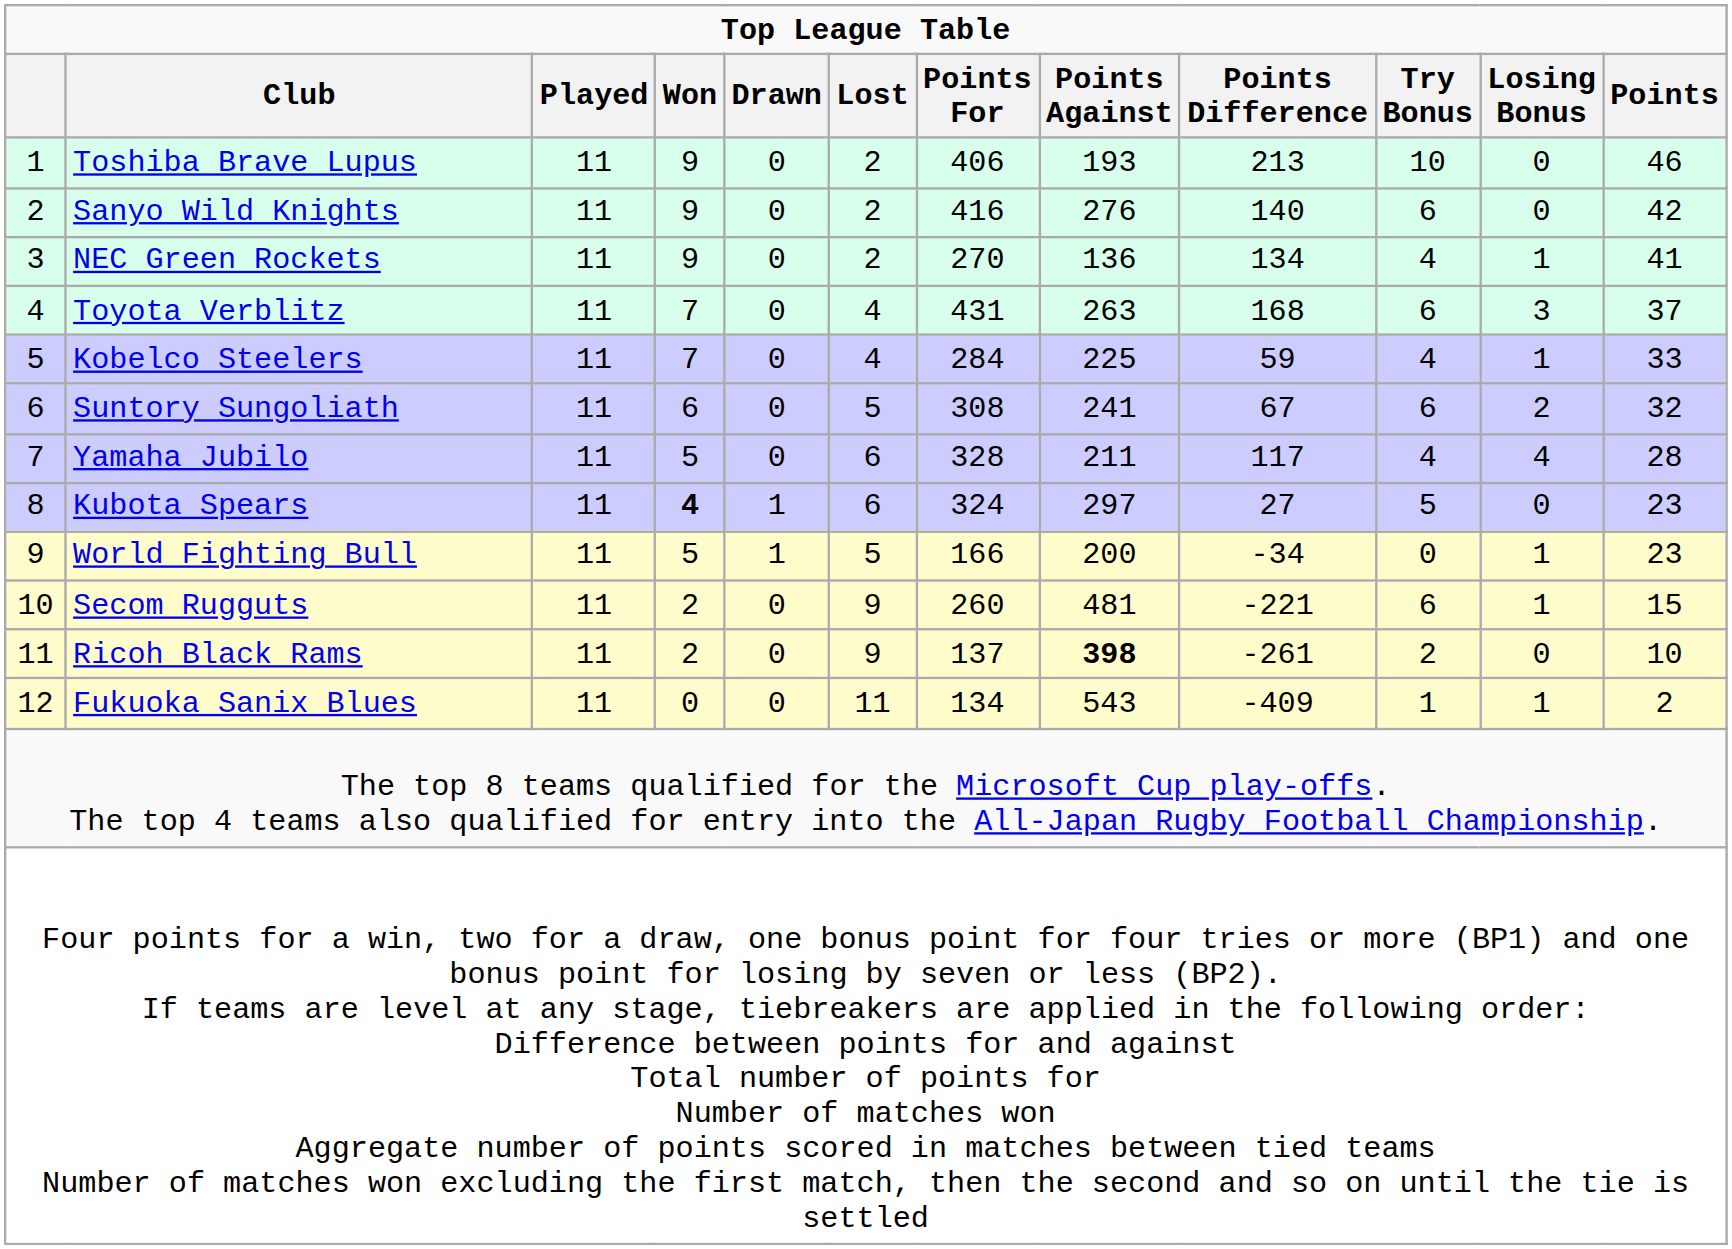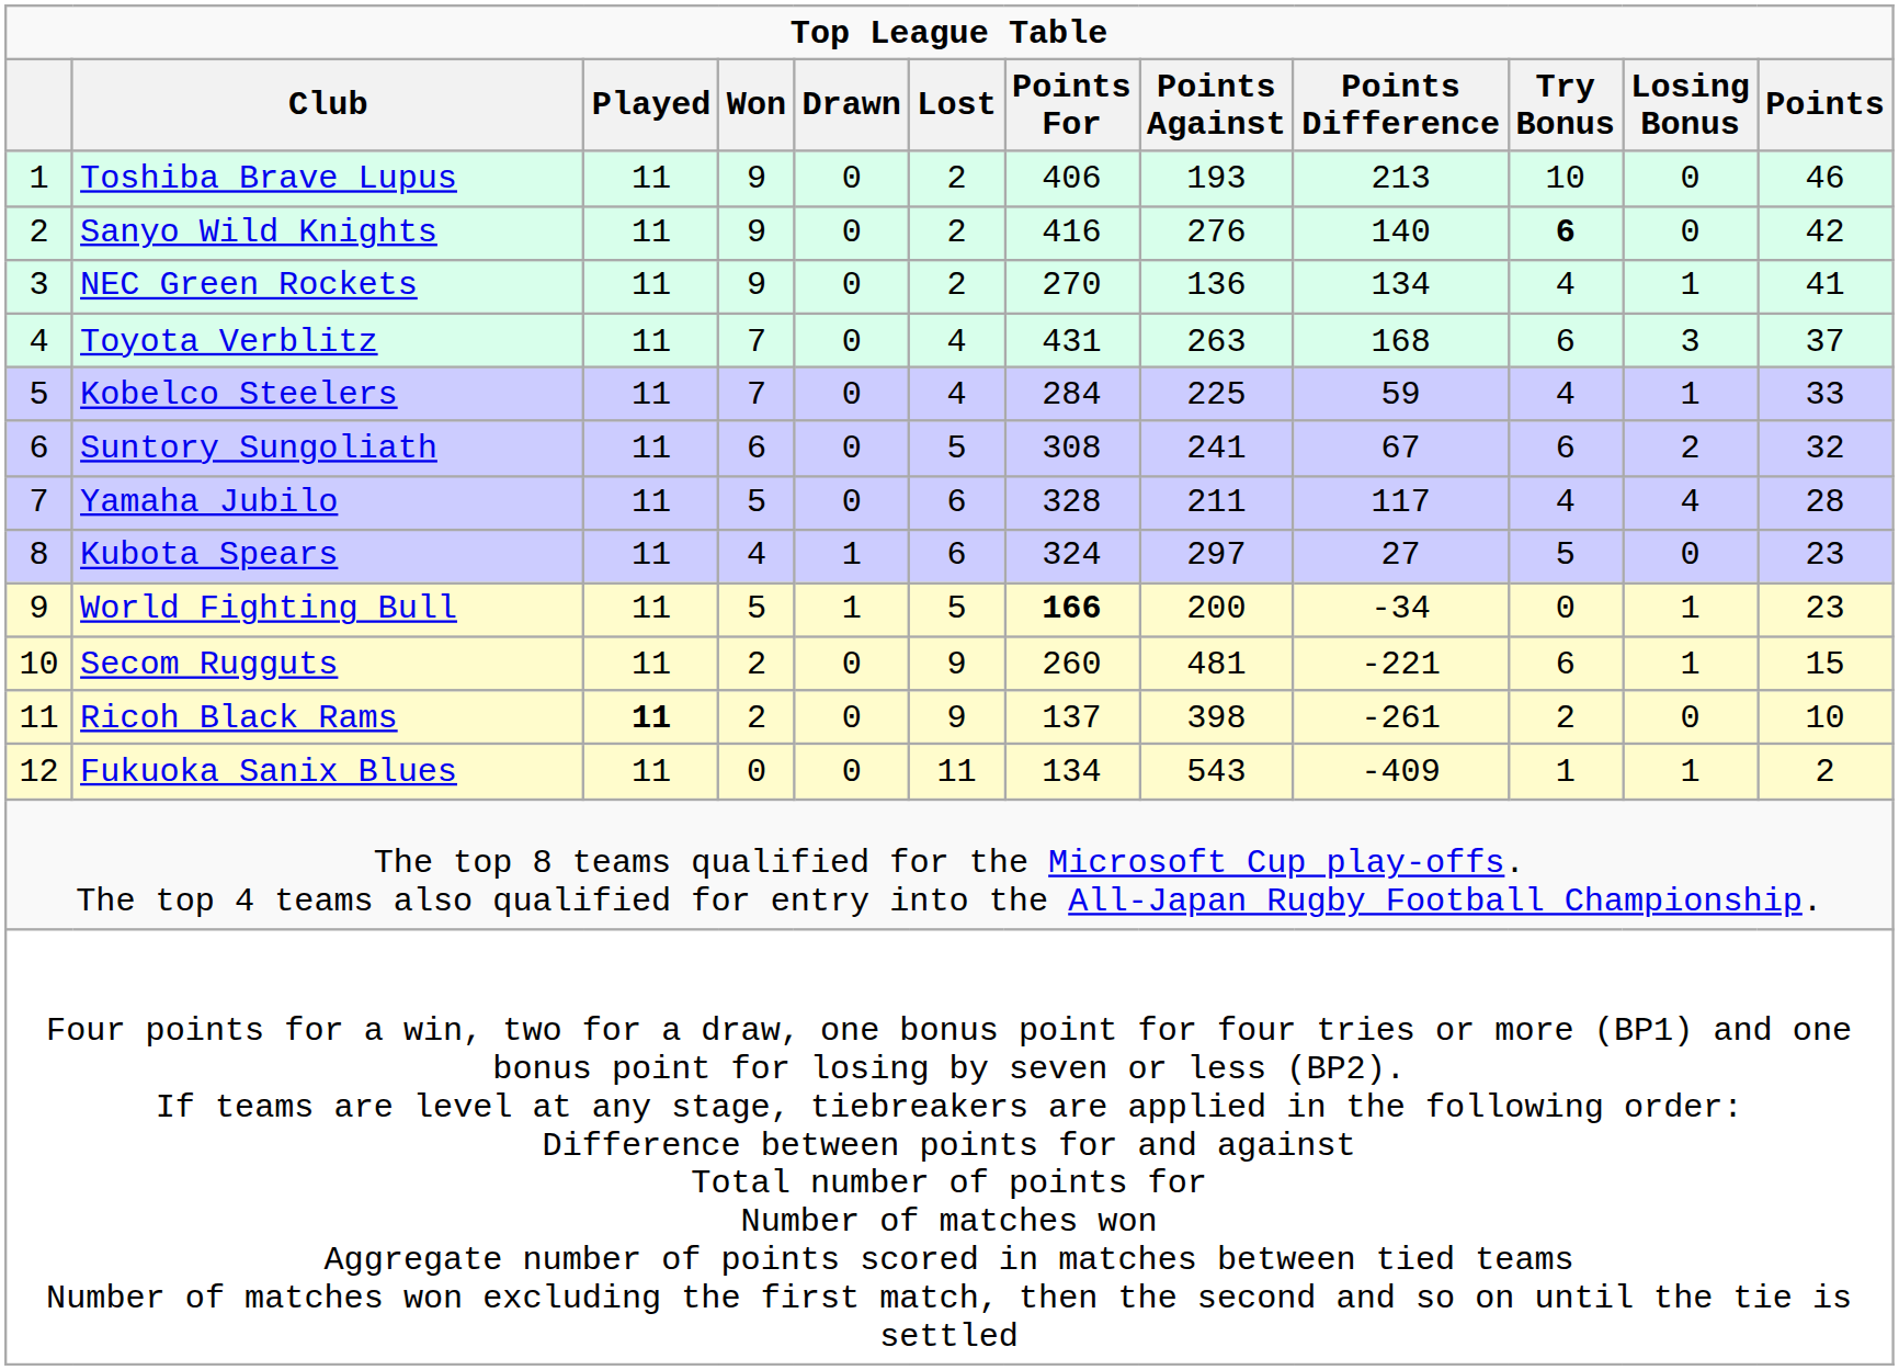 <table class="wikitable" style="text-align: center;">
 <tr>
 <td colspan="15" cellpadding="0" cellspacing="0"><strong>Top League Table</strong></td>
 </tr>
 <tr>
 <th bgcolor="#efefef" width="20"></th>
 <th bgcolor="#efefef" width="195">Club</th>
 <th bgcolor="#efefef" width="20">Played</th>
 <th bgcolor="#efefef" width="20">Won</th>
 <th bgcolor="#efefef" width="20">Drawn</th>
 <th bgcolor="#efefef" width="20">Lost</th>
 <th bgcolor="#efefef" width="20">Points For</th>
 <th bgcolor="#efefef" width="20">Points Against</th>
 <th bgcolor="#efefef" width="20">Points Difference</th>
 <th bgcolor="#efefef" width="20">Try Bonus</th>
 <th bgcolor="#efefef" width="20">Losing Bonus</th>
 <th bgcolor="#efefef" width="20">Points</th>
 </tr>
 <tr bgcolor=#d8ffeb align=center>
 <td>1</td>
 <td style="text-align:left;"><a href='#'>Toshiba Brave Lupus</a></td>
 <td>11</td>
 <td>9</td>
 <td>0</td>
 <td>2</td>
 <td>406</td>
 <td>193</td>
 <td>213</td>
 <td>10</td>
 <td>0</td>
 <td>46</td>
 </tr>
 <tr bgcolor=#d8ffeb align=center>
 <td>2</td>
 <td style="text-align:left;"><a href='#'>Sanyo Wild Knights</a></td>
 <td>11</td>
 <td>9</td>
 <td>0</td>
 <td>2</td>
 <td>416</td>
 <td>276</td>
 <td>140</td>
-<td>6</td>
+<td><strong>6</strong></td>
 <td>0</td>
 <td>42</td>
 </tr>
 <tr bgcolor=#d8ffeb align=center>
 <td>3</td>
 <td style="text-align:left;"><a href='#'>NEC Green Rockets</a></td>
 <td>11</td>
 <td>9</td>
 <td>0</td>
 <td>2</td>
 <td>270</td>
 <td>136</td>
 <td>134</td>
 <td>4</td>
 <td>1</td>
 <td>41</td>
 </tr>
 <tr bgcolor=#d8ffeb align=center>
 <td>4</td>
 <td style="text-align:left;"><a href='#'>Toyota Verblitz</a></td>
 <td>11</td>
 <td>7</td>
 <td>0</td>
 <td>4</td>
 <td>431</td>
 <td>263</td>
 <td>168</td>
 <td>6</td>
 <td>3</td>
 <td>37</td>
 </tr>
 <tr bgcolor=#ccccff align=center>
 <td>5</td>
 <td style="text-align:left;"><a href='#'>Kobelco Steelers</a></td>
 <td>11</td>
 <td>7</td>
 <td>0</td>
 <td>4</td>
 <td>284</td>
 <td>225</td>
 <td>59</td>
 <td>4</td>
 <td>1</td>
 <td>33</td>
 </tr>
 <tr bgcolor=#ccccff align=center>
 <td>6</td>
 <td style="text-align:left;"><a href='#'>Suntory Sungoliath</a></td>
 <td>11</td>
 <td>6</td>
 <td>0</td>
 <td>5</td>
 <td>308</td>
 <td>241</td>
 <td>67</td>
 <td>6</td>
 <td>2</td>
 <td>32</td>
 </tr>
 <tr bgcolor=#ccccff align=center>
 <td>7</td>
 <td style="text-align:left;"><a href='#'>Yamaha Jubilo</a></td>
 <td>11</td>
 <td>5</td>
 <td>0</td>
 <td>6</td>
 <td>328</td>
 <td>211</td>
 <td>117</td>
 <td>4</td>
 <td>4</td>
 <td>28</td>
 </tr>
 <tr bgcolor=#ccccff align=center>
 <td>8</td>
 <td style="text-align:left;"><a href='#'>Kubota Spears</a></td>
 <td>11</td>
-<td><strong>4</strong></td>
+<td>4</td>
 <td>1</td>
 <td>6</td>
 <td>324</td>
 <td>297</td>
 <td>27</td>
 <td>5</td>
 <td>0</td>
 <td>23</td>
 </tr>
 <tr bgcolor=#fffccc align=center>
 <td>9</td>
 <td style="text-align:left;"><a href='#'>World Fighting Bull</a></td>
 <td>11</td>
 <td>5</td>
 <td>1</td>
 <td>5</td>
-<td>166</td>
+<td><strong>166</strong></td>
 <td>200</td>
 <td>-34</td>
 <td>0</td>
 <td>1</td>
 <td>23</td>
 </tr>
 <tr bgcolor=#fffccc align=center>
 <td>10</td>
 <td style="text-align:left;"><a href='#'>Secom Rugguts</a></td>
 <td>11</td>
 <td>2</td>
 <td>0</td>
 <td>9</td>
 <td>260</td>
 <td>481</td>
 <td>-221</td>
 <td>6</td>
 <td>1</td>
 <td>15</td>
 </tr>
 <tr bgcolor=#fffccc align=center>
 <td>11</td>
 <td style="text-align:left;"><a href='#'>Ricoh Black Rams</a></td>
-<td>11</td>
+<td><strong>11</strong></td>
 <td>2</td>
 <td>0</td>
 <td>9</td>
 <td>137</td>
-<td><strong>398</strong></td>
+<td>398</td>
 <td>-261</td>
 <td>2</td>
 <td>0</td>
 <td>10</td>
 </tr>
 <tr bgcolor=#fffccc align=center>
 <td>12</td>
 <td style="text-align:left;"><a href='#'>Fukuoka Sanix Blues</a></td>
 <td>11</td>
 <td>0</td>
 <td>0</td>
 <td>11</td>
 <td>134</td>
 <td>543</td>
 <td>-409</td>
 <td>1</td>
 <td>1</td>
 <td>2</td>
 </tr>
 <tr align=center>
 <td colspan="15" style="border:0px"><br> The top 8 teams qualified for the <a href='#'>Microsoft Cup play-offs</a>.<br> The top 4 teams also qualified for entry into the <a href='#'>All-Japan Rugby Football Championship</a>.<br> </td>
 </tr>
 <tr bgcolor=#ffffff align=center>
 <td colspan="15"><br><br>Four points for a win, two for a draw, one bonus point for four tries or more (BP1) and one bonus point for losing by seven or less (BP2).<br> If teams are level at any stage, tiebreakers are applied in the following order:<br>  Difference between points for and against<br>  Total number of points for<br>  Number of matches won<br>  Aggregate number of points scored in matches between tied teams<br>  Number of matches won excluding the first match, then the second and so on until the tie is settled<br></td>
 </tr>
 <tr |align=left|>
 </tr>
 </table>
